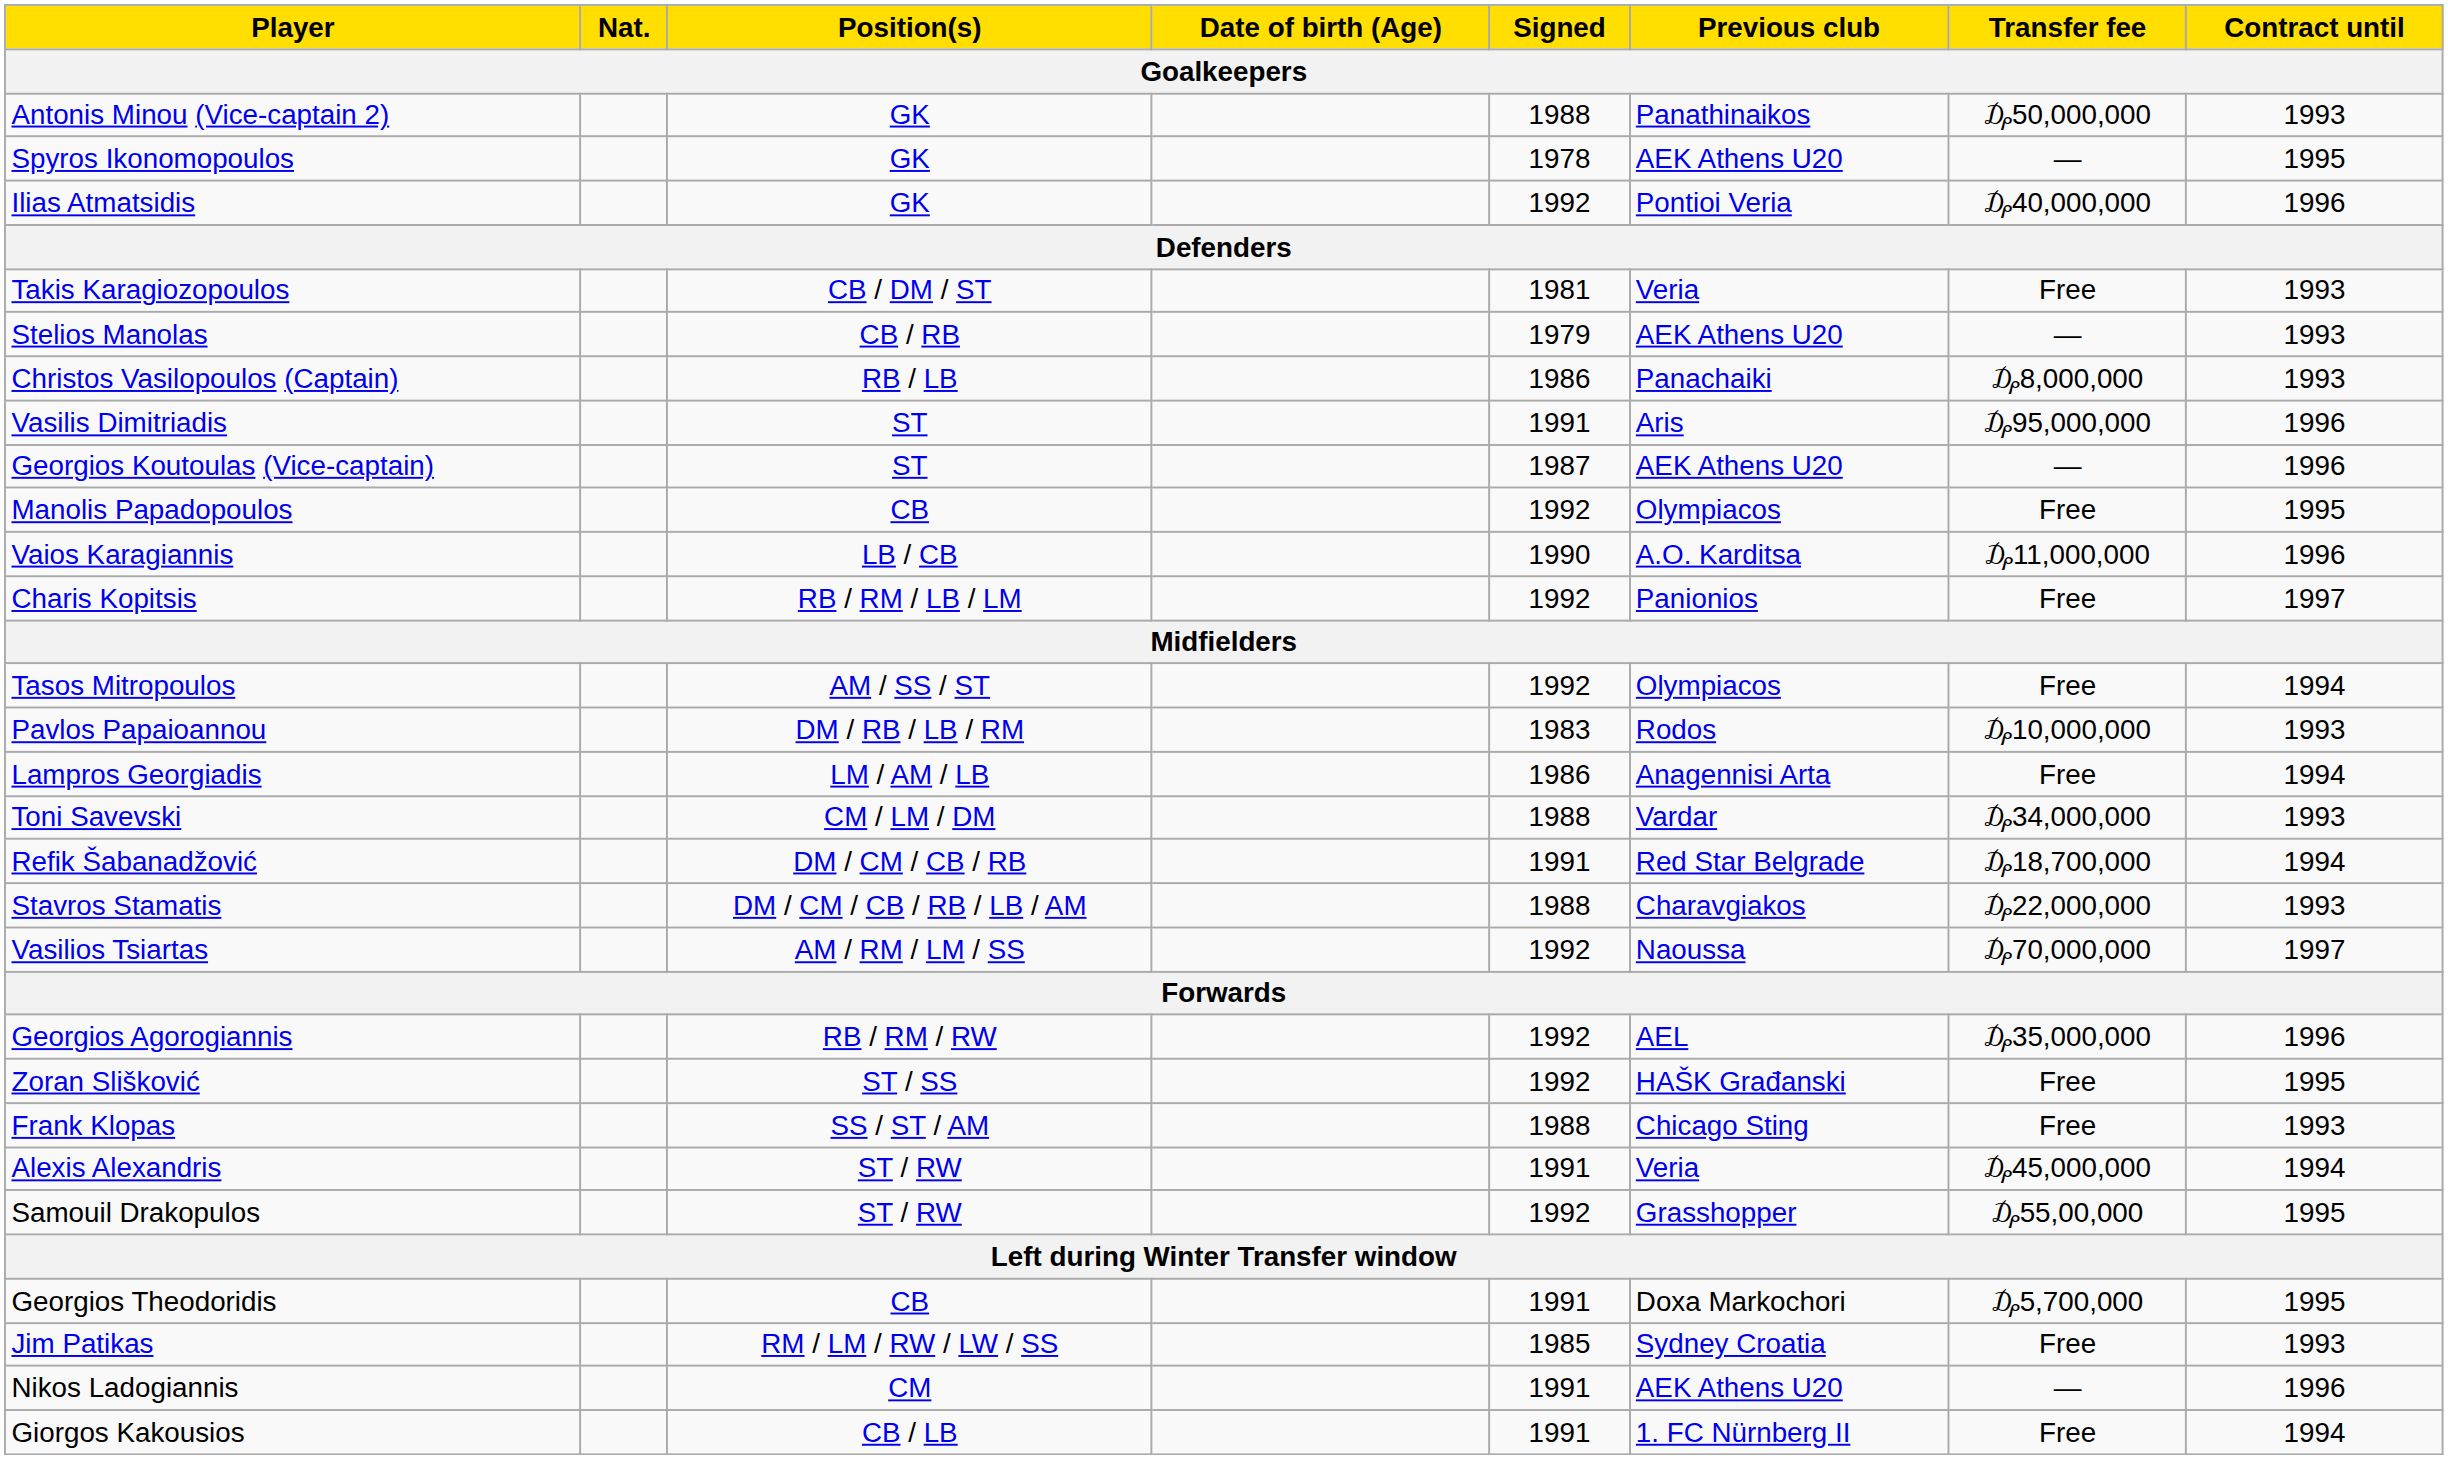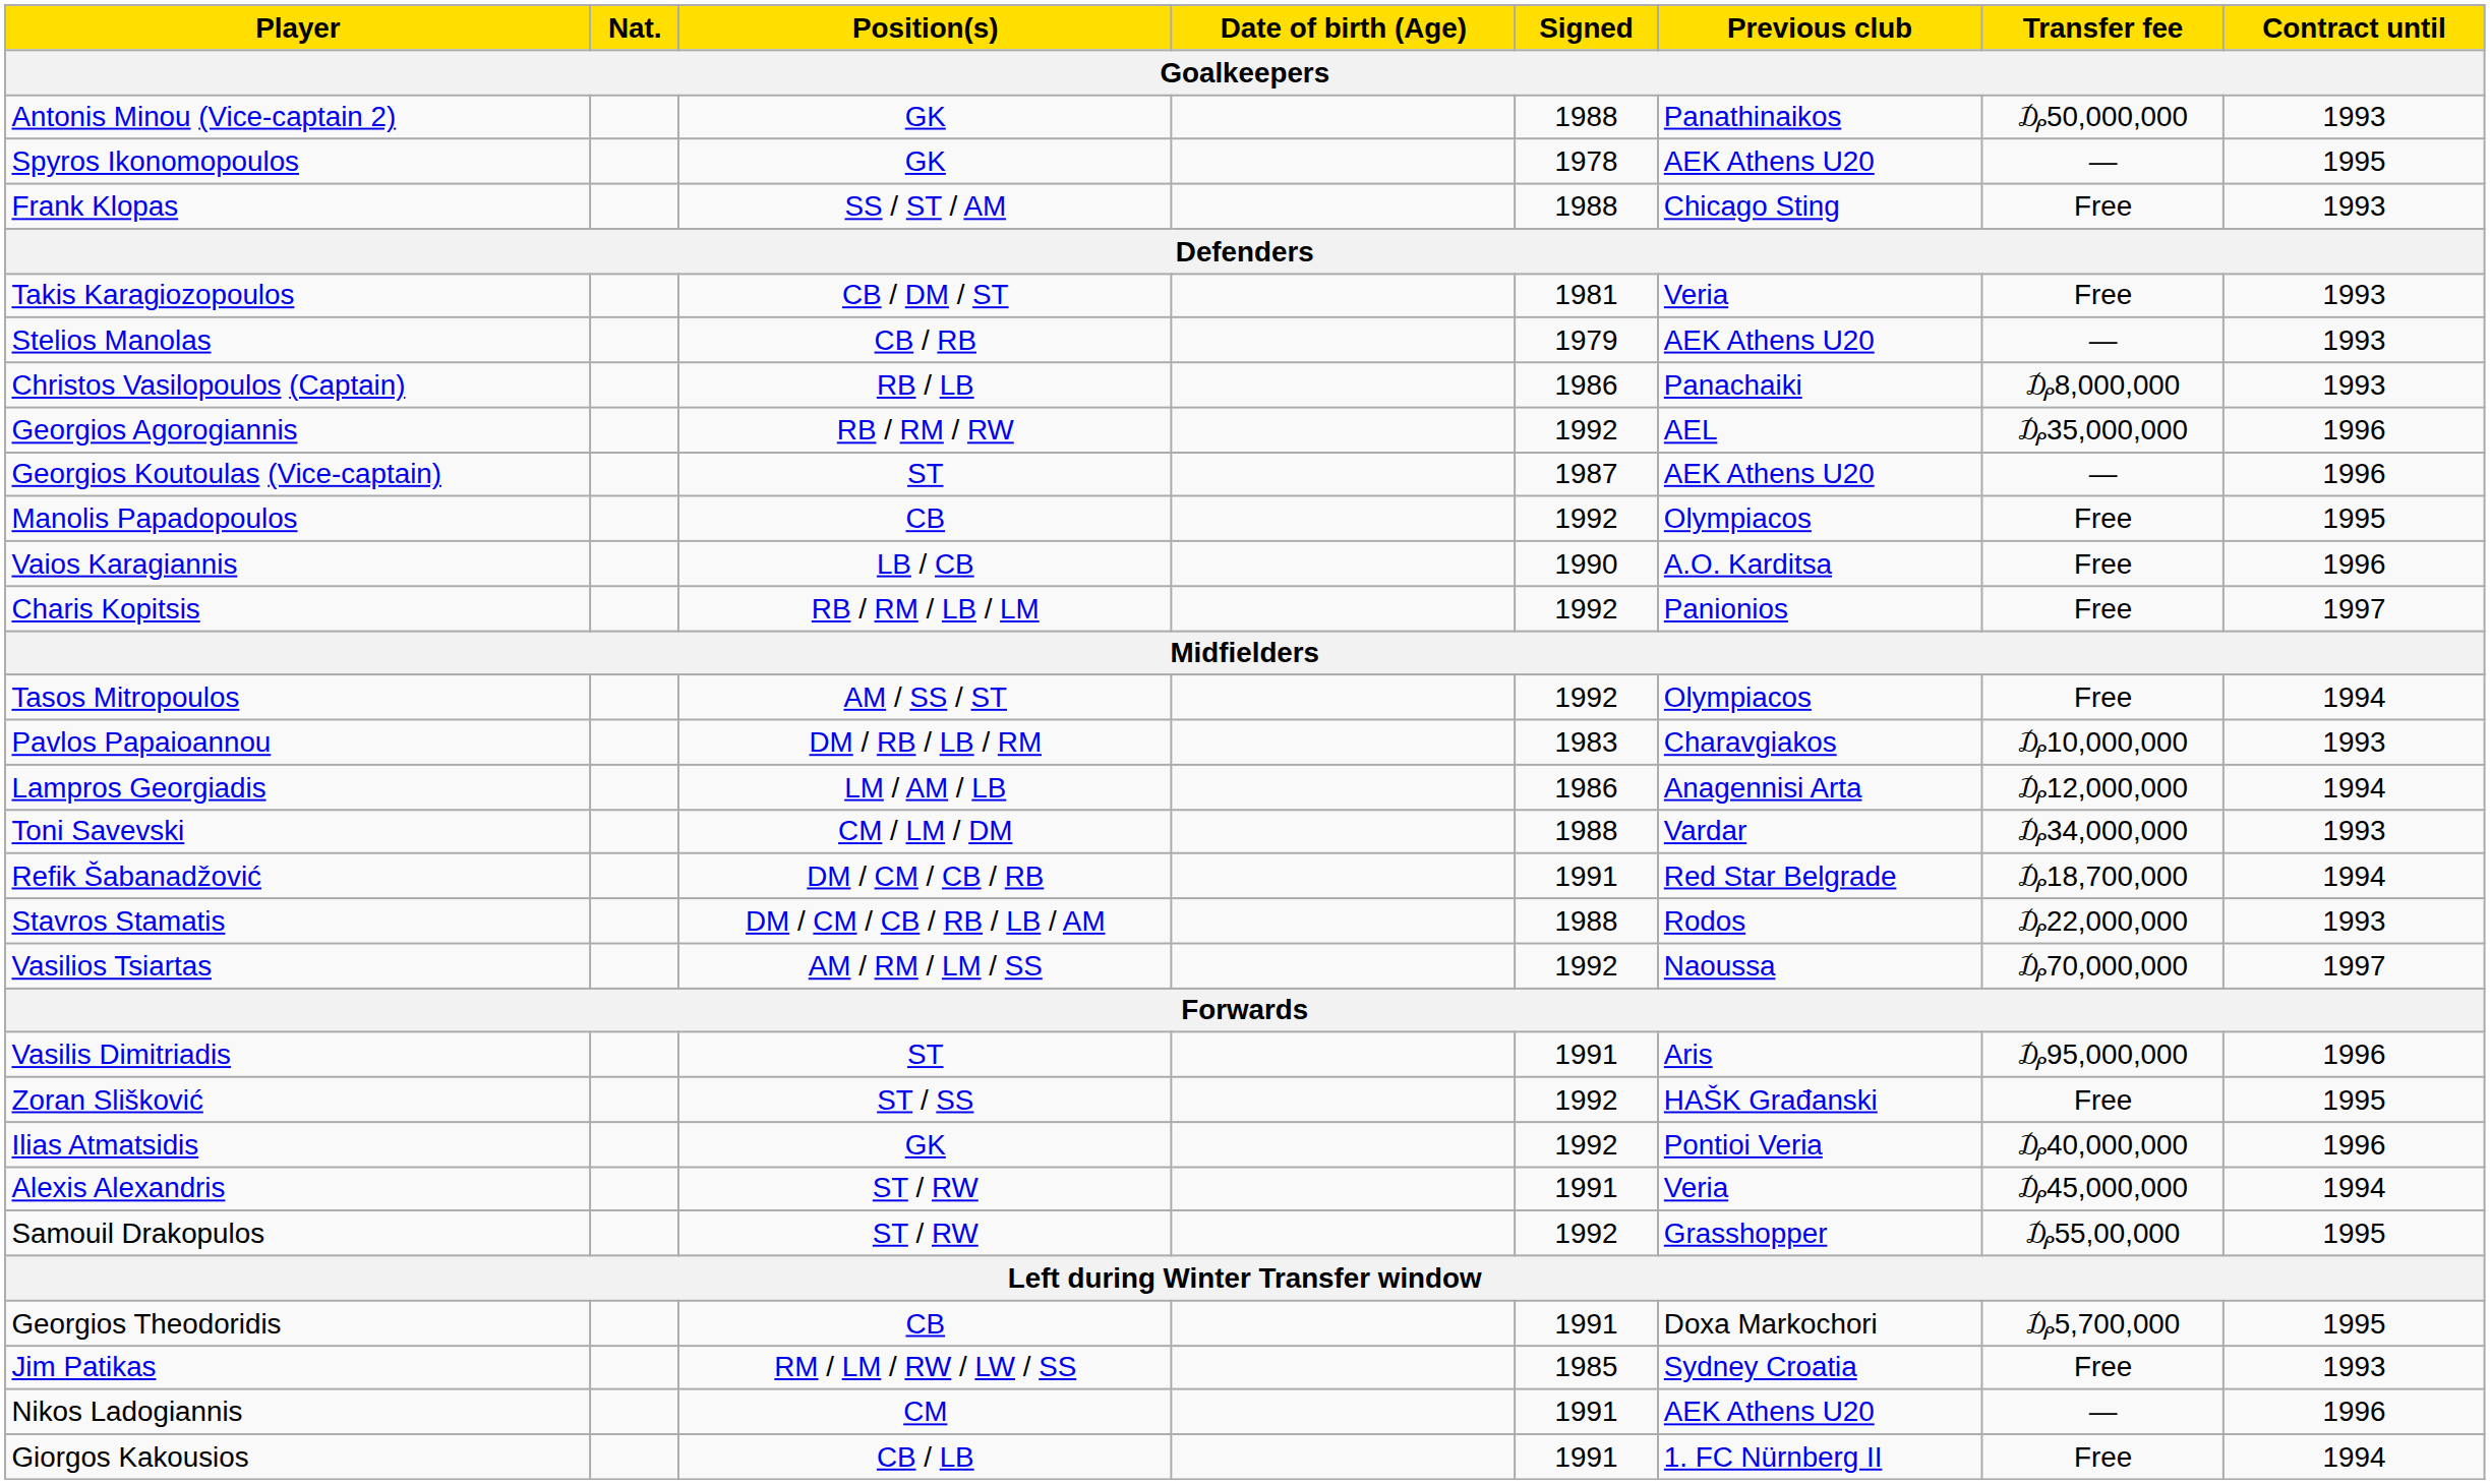 <table class="wikitable" style="text-align:center; font-size:90%;width:100%;">
 <tr>
 <th style="background:#FFDE00">Player</th>
 <th style="background:#FFDE00">Nat.</th>
 <th style="background:#FFDE00">Position(s)</th>
 <th style="background:#FFDE00">Date of birth (Age)</th>
 <th style="background:#FFDE00">Signed</th>
 <th style="background:#FFDE00">Previous club</th>
 <th style="background:#FFDE00">Transfer fee</th>
 <th style="background:#FFDE00">Contract until</th>
 </tr>
 <tr>
 <th colspan="8">Goalkeepers</th>
 </tr>
 <tr>
 <td align=left><a href='#'>Antonis Minou</a> <a href='#'>(Vice-captain 2)</a></td>
 <td></td>
 <td><a href='#'>GK</a></td>
 <td></td>
 <td>1988</td>
 <td align=left> <a href='#'>Panathinaikos</a></td>
 <td>₯50,000,000</td>
 <td>1993</td>
 </tr>
 <tr>
 <td align=left><a href='#'>Spyros Ikonomopoulos</a></td>
 <td></td>
 <td><a href='#'>GK</a></td>
 <td></td>
 <td>1978</td>
 <td align=left> <a href='#'>AEK Athens U20</a></td>
 <td>—</td>
 <td>1995</td>
 </tr>
 <tr>
-<td align=left><a href='#'>Ilias Atmatsidis</a></td>
+<td align=left><a href='#'>Frank Klopas</a></td>
 <td></td>
-<td><a href='#'>GK</a></td>
+<td><a href='#'>SS</a> / <a href='#'>ST</a> / <a href='#'>AM</a></td>
 <td></td>
-<td>1992</td>
-<td align=left> <a href='#'>Pontioi Veria</a></td>
-<td>₯40,000,000</td>
-<td>1996</td>
+<td>1988</td>
+<td align=left> <a href='#'>Chicago Sting</a></td>
+<td>Free</td>
+<td>1993</td>
 </tr>
 <tr>
 <th colspan="8">Defenders</th>
 </tr>
 <tr>
 <td align=left><a href='#'>Takis Karagiozopoulos</a></td>
 <td></td>
 <td><a href='#'>CB</a> / <a href='#'>DM</a> / <a href='#'>ST</a></td>
 <td></td>
 <td>1981</td>
 <td align=left> <a href='#'>Veria</a></td>
 <td>Free</td>
 <td>1993</td>
 </tr>
 <tr>
 <td align=left><a href='#'>Stelios Manolas</a></td>
 <td></td>
 <td><a href='#'>CB</a> / <a href='#'>RB</a></td>
 <td></td>
 <td>1979</td>
 <td align=left> <a href='#'>AEK Athens U20</a></td>
 <td>—</td>
 <td>1993</td>
 </tr>
 <tr>
 <td align=left><a href='#'>Christos Vasilopoulos</a> <a href='#'>(Captain)</a></td>
 <td></td>
 <td><a href='#'>RB</a> / <a href='#'>LB</a></td>
 <td></td>
 <td>1986</td>
 <td align=left> <a href='#'>Panachaiki</a></td>
 <td>₯8,000,000</td>
 <td>1993</td>
 </tr>
 <tr>
-<td align=left><a href='#'>Vasilis Dimitriadis</a></td>
+<td align=left><a href='#'>Georgios Agorogiannis</a></td>
 <td></td>
-<td><a href='#'>ST</a></td>
+<td><a href='#'>RB</a> / <a href='#'>RM</a> / <a href='#'>RW</a></td>
 <td></td>
-<td>1991</td>
-<td align=left> <a href='#'>Aris</a></td>
-<td>₯95,000,000</td>
+<td>1992</td>
+<td align=left> <a href='#'>AEL</a></td>
+<td>₯35,000,000</td>
 <td>1996</td>
 </tr>
 <tr>
 <td align=left><a href='#'>Georgios Koutoulas</a> <a href='#'>(Vice-captain)</a></td>
 <td></td>
 <td><a href='#'>ST</a></td>
 <td></td>
 <td>1987</td>
 <td align=left> <a href='#'>AEK Athens U20</a></td>
 <td>—</td>
 <td>1996</td>
 </tr>
 <tr>
 <td align=left><a href='#'>Manolis Papadopoulos</a></td>
 <td></td>
 <td><a href='#'>CB</a></td>
 <td></td>
 <td>1992</td>
 <td align=left> <a href='#'>Olympiacos</a></td>
 <td>Free</td>
 <td>1995</td>
 </tr>
 <tr>
 <td align=left><a href='#'>Vaios Karagiannis</a></td>
 <td></td>
 <td><a href='#'>LB</a> / <a href='#'>CB</a></td>
 <td></td>
 <td>1990</td>
 <td align=left> <a href='#'>A.O. Karditsa</a></td>
-<td>₯11,000,000</td>
+<td>Free</td>
 <td>1996</td>
 </tr>
 <tr>
 <td align=left><a href='#'>Charis Kopitsis</a></td>
 <td></td>
 <td><a href='#'>RB</a> / <a href='#'>RM</a> / <a href='#'>LB</a> / <a href='#'>LM</a></td>
 <td></td>
 <td>1992</td>
 <td align=left> <a href='#'>Panionios</a></td>
 <td>Free</td>
 <td>1997</td>
 </tr>
 <tr>
 <th colspan="8">Midfielders</th>
 </tr>
 <tr>
 <td align=left><a href='#'>Tasos Mitropoulos</a></td>
 <td></td>
 <td><a href='#'>AM</a> / <a href='#'>SS</a> / <a href='#'>ST</a></td>
 <td></td>
 <td>1992</td>
 <td align=left> <a href='#'>Olympiacos</a></td>
 <td>Free</td>
 <td>1994</td>
 </tr>
 <tr>
 <td align=left><a href='#'>Pavlos Papaioannou</a></td>
 <td></td>
 <td><a href='#'>DM</a> / <a href='#'>RB</a> / <a href='#'>LB</a> / <a href='#'>RM</a></td>
 <td></td>
 <td>1983</td>
-<td align=left> <a href='#'>Rodos</a></td>
+<td align=left> <a href='#'>Charavgiakos</a></td>
 <td>₯10,000,000</td>
 <td>1993</td>
 </tr>
 <tr>
 <td align=left><a href='#'>Lampros Georgiadis</a></td>
 <td></td>
 <td><a href='#'>LM</a> / <a href='#'>AM</a> / <a href='#'>LB</a></td>
 <td></td>
 <td>1986</td>
 <td align=left> <a href='#'>Anagennisi Arta</a></td>
-<td>Free</td>
+<td>₯12,000,000</td>
 <td>1994</td>
 </tr>
 <tr>
 <td align=left><a href='#'>Toni Savevski</a></td>
 <td></td>
 <td><a href='#'>CM</a> / <a href='#'>LM</a> / <a href='#'>DM</a></td>
 <td></td>
 <td>1988</td>
 <td align=left> <a href='#'>Vardar</a></td>
 <td>₯34,000,000</td>
 <td>1993</td>
 </tr>
 <tr>
 <td align=left><a href='#'>Refik Šabanadžović</a></td>
 <td></td>
 <td><a href='#'>DM</a> / <a href='#'>CM</a> / <a href='#'>CB</a> / <a href='#'>RB</a></td>
 <td></td>
 <td>1991</td>
 <td align=left> <a href='#'>Red Star Belgrade</a></td>
 <td>₯18,700,000</td>
 <td>1994</td>
 </tr>
 <tr>
 <td align=left><a href='#'>Stavros Stamatis</a></td>
 <td></td>
 <td><a href='#'>DM</a> / <a href='#'>CM</a> / <a href='#'>CB</a> / <a href='#'>RB</a> / <a href='#'>LB</a> /  <a href='#'>AM</a></td>
 <td></td>
 <td>1988</td>
-<td align=left> <a href='#'>Charavgiakos</a></td>
+<td align=left> <a href='#'>Rodos</a></td>
 <td>₯22,000,000</td>
 <td>1993</td>
 </tr>
 <tr>
 <td align=left><a href='#'>Vasilios Tsiartas</a></td>
 <td></td>
 <td><a href='#'>AM</a> / <a href='#'>RM</a> / <a href='#'>LM</a> / <a href='#'>SS</a></td>
 <td></td>
 <td>1992</td>
 <td align=left> <a href='#'>Naoussa</a></td>
 <td>₯70,000,000</td>
 <td>1997</td>
 </tr>
 <tr>
 <th colspan="8">Forwards</th>
 </tr>
 <tr>
-<td align=left><a href='#'>Georgios Agorogiannis</a></td>
+<td align=left><a href='#'>Vasilis Dimitriadis</a></td>
 <td></td>
-<td><a href='#'>RB</a> / <a href='#'>RM</a> / <a href='#'>RW</a></td>
+<td><a href='#'>ST</a></td>
 <td></td>
-<td>1992</td>
-<td align=left> <a href='#'>AEL</a></td>
-<td>₯35,000,000</td>
+<td>1991</td>
+<td align=left> <a href='#'>Aris</a></td>
+<td>₯95,000,000</td>
 <td>1996</td>
 </tr>
 <tr>
 <td align=left><a href='#'>Zoran Slišković</a></td>
 <td></td>
 <td><a href='#'>ST</a> / <a href='#'>SS</a></td>
 <td></td>
 <td>1992</td>
 <td align=left> <a href='#'>HAŠK Građanski</a></td>
 <td>Free</td>
 <td>1995</td>
 </tr>
 <tr>
-<td align=left><a href='#'>Frank Klopas</a></td>
+<td align=left><a href='#'>Ilias Atmatsidis</a></td>
 <td></td>
-<td><a href='#'>SS</a> / <a href='#'>ST</a> / <a href='#'>AM</a></td>
+<td><a href='#'>GK</a></td>
 <td></td>
-<td>1988</td>
-<td align=left> <a href='#'>Chicago Sting</a></td>
-<td>Free</td>
-<td>1993</td>
+<td>1992</td>
+<td align=left> <a href='#'>Pontioi Veria</a></td>
+<td>₯40,000,000</td>
+<td>1996</td>
 </tr>
 <tr>
 <td align=left><a href='#'>Alexis Alexandris</a></td>
 <td></td>
 <td><a href='#'>ST</a> / <a href='#'>RW</a></td>
 <td></td>
 <td>1991</td>
 <td align=left> <a href='#'>Veria</a></td>
 <td>₯45,000,000</td>
 <td>1994</td>
 </tr>
 <tr>
 <td align=left>Samouil Drakopulos</td>
 <td></td>
 <td><a href='#'>ST</a> / <a href='#'>RW</a></td>
 <td></td>
 <td>1992</td>
 <td align=left> <a href='#'>Grasshopper</a></td>
 <td>₯55,00,000</td>
 <td>1995</td>
 </tr>
 <tr>
 <th colspan="8">Left during Winter Transfer window</th>
 </tr>
 <tr>
 <td align=left>Georgios Theodoridis</td>
 <td></td>
 <td><a href='#'>CB</a></td>
 <td></td>
 <td>1991</td>
 <td align=left> Doxa Markochori</td>
 <td>₯5,700,000</td>
 <td>1995</td>
 </tr>
 <tr>
 <td align=left><a href='#'>Jim Patikas</a></td>
 <td></td>
 <td><a href='#'>RM</a> / <a href='#'>LM</a> / <a href='#'>RW</a> / <a href='#'>LW</a> / <a href='#'>SS</a></td>
 <td></td>
 <td>1985</td>
 <td align=left> <a href='#'>Sydney Croatia</a></td>
 <td>Free</td>
 <td>1993</td>
 </tr>
 <tr>
 <td align=left>Nikos Ladogiannis</td>
 <td></td>
 <td><a href='#'>CM</a></td>
 <td></td>
 <td>1991</td>
 <td align=left> <a href='#'>AEK Athens U20</a></td>
 <td>—</td>
 <td>1996</td>
 </tr>
 <tr>
 <td align=left>Giorgos Kakousios</td>
 <td></td>
 <td><a href='#'>CB</a> / <a href='#'>LB</a></td>
 <td></td>
 <td>1991</td>
 <td align=left> <a href='#'>1. FC Nürnberg II</a></td>
 <td>Free</td>
 <td>1994</td>
 </tr>
 </table>
